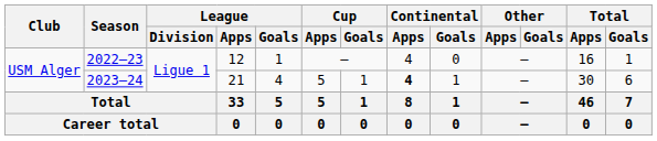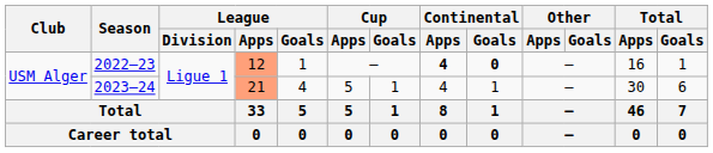 <table class="wikitable" style="text-align: center;">
 <tr>
 <th rowspan="2">Club</th>
 <th rowspan="2">Season</th>
 <th colspan="3">League</th>
 <th colspan="2">Cup</th>
 <th colspan="2">Continental</th>
 <th colspan="2">Other</th>
 <th colspan="2">Total</th>
 </tr>
 <tr>
 <th>Division</th>
 <th>Apps</th>
 <th>Goals</th>
 <th>Apps</th>
 <th>Goals</th>
 <th>Apps</th>
 <th>Goals</th>
 <th>Apps</th>
 <th>Goals</th>
 <th>Apps</th>
 <th>Goals</th>
 </tr>
 <tr>
 <td rowspan=2 valign="center"><a href='#'>USM Alger</a></td>
 <td><a href='#'>2022–23</a></td>
 <td rowspan=2><a href='#'>Ligue 1</a></td>
-<td>12</td>
+<td style="background: lightsalmon;">12</td>
 <td>1</td>
 <td colspan=2>—</td>
-<td>4</td>
-<td>0</td>
+<td><strong>4</strong></td>
+<td><strong>0</strong></td>
 <td colspan=2>—</td>
 <td>16</td>
 <td>1</td>
 </tr>
 <tr>
 <td><a href='#'>2023–24</a></td>
-<td>21</td>
+<td style="background: lightsalmon;">21</td>
 <td>4</td>
 <td>5</td>
 <td>1</td>
-<td><strong>4</strong></td>
+<td>4</td>
 <td>1</td>
 <td colspan=2>—</td>
 <td>30</td>
 <td>6</td>
 </tr>
 <tr>
 <th colspan="3">Total</th>
 <th>33</th>
 <th>5</th>
 <th>5</th>
 <th>1</th>
 <th>8</th>
 <th>1</th>
 <th colspan=2>—</th>
 <th>46</th>
 <th>7</th>
 </tr>
 <tr>
 <th colspan="3">Career total</th>
 <th>0</th>
 <th>0</th>
 <th>0</th>
 <th>0</th>
 <th>0</th>
 <th>0</th>
 <th colspan=2>—</th>
 <th>0</th>
 <th>0</th>
 </tr>
 </table>
